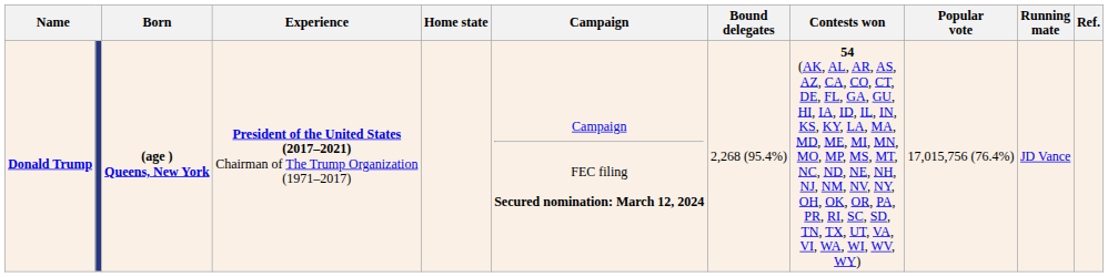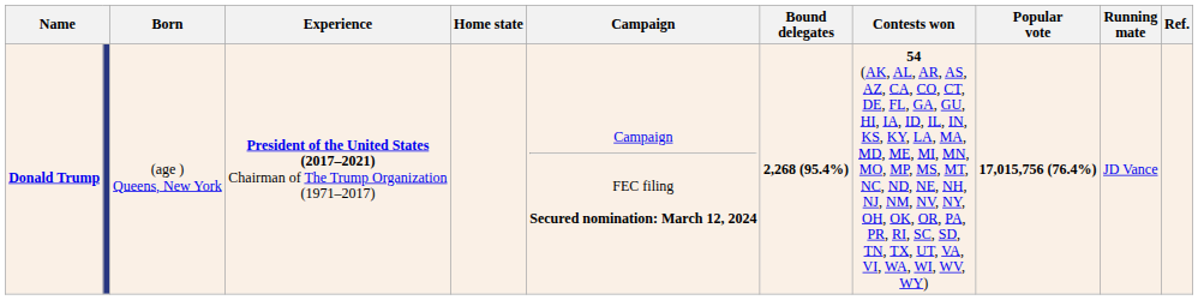 <table class="wikitable sortable" style="text-align:center;">
 <tr>
 <th scope="col" colspan=2>Name</th>
 <th scope="col">Born</th>
 <th scope="col" class="unsortable">Experience</th>
 <th scope="col">Home state</th>
 <th scope="col">Campaign<br> </th>
 <th scope="col">Bound<br>delegates</th>
 <th scope="col" width="130">Contests won</th>
 <th scope="col">Popular<br>vote</th>
 <th scope="col">Running<br>mate</th>
 <th scope="col">Ref.</th>
 </tr>
 <tr style="background:linen;">
 <td scope="row" data-sort-value="Trump, Donald"><br><strong><a href='#'>Donald Trump</a></strong></td>
 <td style="background:#283681;"></td>
-<td><strong><br>(age )<br><a href='#'>Queens, New York</a></strong></td>
+<td><br>(age )<br><a href='#'>Queens, New York</a></td>
 <td><strong><a href='#'>President of the United States</a><br> (2017–2021)</strong><br>Chairman of <a href='#'>The Trump Organization</a><br> (1971–2017)</td>
 <td></td>
 <td><br><a href='#'>Campaign</a><hr><br>FEC filing<br><br><strong>Secured nomination: March 12, 2024</strong></td>
-<td>2,268 (95.4%)</td>
+<td><strong>2,268 (95.4%)</strong></td>
 <td><strong>54</strong><br>(<a href='#'>AK</a>, <a href='#'>AL</a>, <a href='#'>AR</a>, <a href='#'>AS</a>, <a href='#'>AZ</a>, <a href='#'>CA</a>, <a href='#'>CO</a>, <a href='#'>CT</a>, <a href='#'>DE</a>, <a href='#'>FL</a>, <a href='#'>GA</a>, <a href='#'>GU</a>, <a href='#'>HI</a>, <a href='#'>IA</a>, <a href='#'>ID</a>,  <a href='#'>IL</a>, <a href='#'>IN</a>, <a href='#'>KS</a>, <a href='#'>KY</a>, <a href='#'>LA</a>, <a href='#'>MA</a>, <a href='#'>MD</a>, <a href='#'>ME</a>, <a href='#'>MI</a>, <a href='#'>MN</a>, <a href='#'>MO</a>,  <a href='#'>MP</a>, <a href='#'>MS</a>, <a href='#'>MT</a>, <a href='#'>NC</a>, <a href='#'>ND</a>, <a href='#'>NE</a>, <a href='#'>NH</a>, <a href='#'>NJ</a>, <a href='#'>NM</a>, <a href='#'>NV</a>, <a href='#'>NY</a>, <a href='#'>OH</a>, <a href='#'>OK</a>, <a href='#'>OR</a>, <a href='#'>PA</a>, <a href='#'>PR</a>, <a href='#'>RI</a>, <a href='#'>SC</a>, <a href='#'>SD</a>, <a href='#'>TN</a>, <a href='#'>TX</a>, <a href='#'>UT</a>, <a href='#'>VA</a>, <a href='#'>VI</a>, <a href='#'>WA</a>, <a href='#'>WI</a>, <a href='#'>WV</a>, <a href='#'>WY</a>)</td>
-<td>17,015,756 (76.4%)</td>
+<td><strong>17,015,756 (76.4%)</strong></td>
 <td> <a href='#'>JD Vance</a></td>
 <td></td>
 </tr>
 </table>
